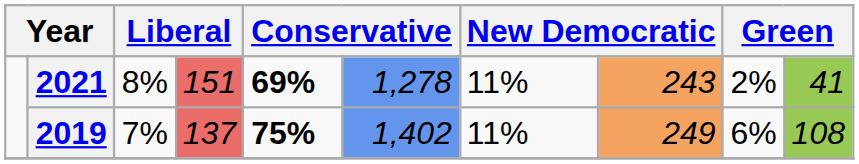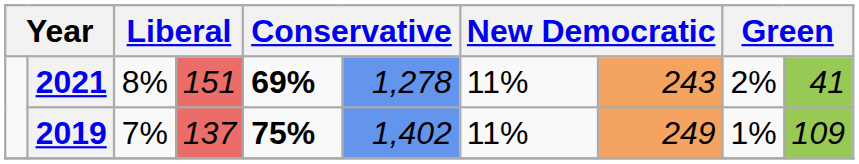 <table class="wikitable" style="float:right; width:400; font-size:90%; margin-left:1em;">
 <tr>
 <th colspan="2" scope="col">Year</th>
 <th colspan="2" scope="col"><a href='#'>Liberal</a></th>
 <th colspan="2" scope="col"><a href='#'>Conservative</a></th>
 <th colspan="2" scope="col"><a href='#'>New Democratic</a></th>
 <th colspan="2" scope="col"><a href='#'>Green</a></th>
 </tr>
 <tr>
 <td rowspan="2" style="width: 0.25em; background-color: "></td>
 <th><a href='#'>2021</a></th>
 <td>8%</td>
 <td style="text-align:right; background:#EA6D6A;"><em>151</em></td>
 <td><strong>69%</strong></td>
 <td style="text-align:right; background:#6495ED;"><em>1,278</em></td>
 <td>11%</td>
 <td style="text-align:right; background:#F4A460;"><em>243</em></td>
 <td>2%</td>
 <td style="text-align:right; background:#99C955;"><em>41</em></td>
 </tr>
 <tr>
 <th><a href='#'>2019</a></th>
 <td>7%</td>
 <td style="text-align:right; background:#EA6D6A;"><em>137</em></td>
 <td><strong>75%</strong></td>
 <td style="text-align:right; background:#6495ED;"><em>1,402</em></td>
 <td>11%</td>
 <td style="text-align:right; background:#F4A460;"><em>249</em></td>
-<td>6%</td>
-<td style="text-align:right; background:#99C955;"><em>108</em></td>
+<td>1%</td>
+<td style="text-align:right; background:#99C955;"><em>109</em></td>
 </tr>
 <tr>
 </tr>
 </table>
